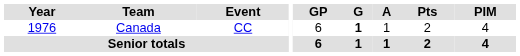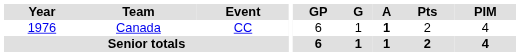 <table border="0" cellpadding="1" cellspacing="0" ID="Table3" style="text-align:center; width:40em">
 <tr bgcolor="#e0e0e0">
 <th>Year</th>
 <th>Team</th>
 <th>Event</th>
 <th rowspan="102" bgcolor="#ffffff"></th>
 <th>GP</th>
 <th>G</th>
 <th>A</th>
 <th>Pts</th>
 <th>PIM</th>
 </tr>
 <tr>
 <td><a href='#'>1976</a></td>
 <td><a href='#'>Canada</a></td>
 <td><a href='#'>CC</a></td>
 <td>6</td>
+<td>1</td>
 <td><strong>1</strong></td>
-<td>1</td>
 <td>2</td>
 <td>4</td>
 </tr>
 <tr bgcolor="#e0e0e0">
 <th colspan=3>Senior totals</th>
 <th>6</th>
 <th>1</th>
 <th>1</th>
 <th>2</th>
 <th>4</th>
 </tr>
 </table>
